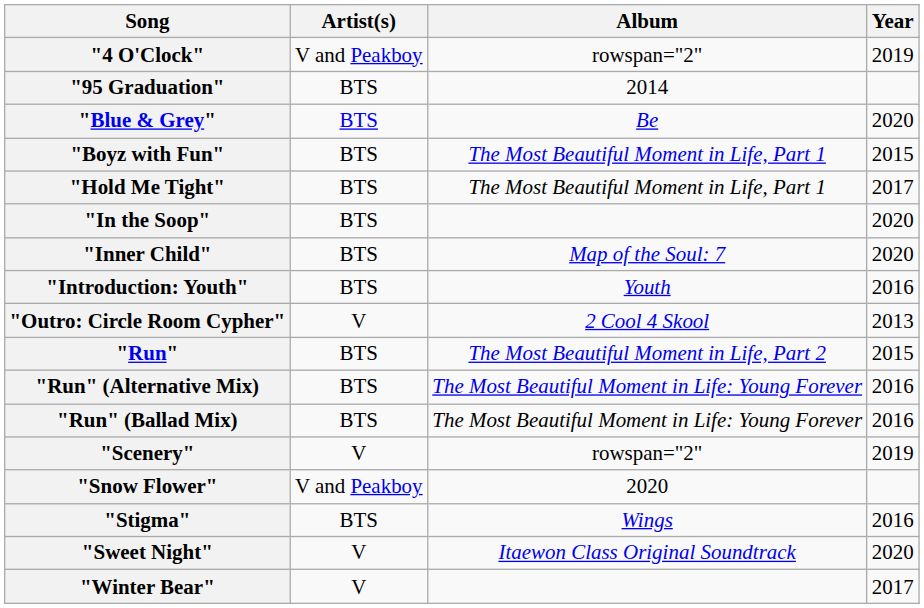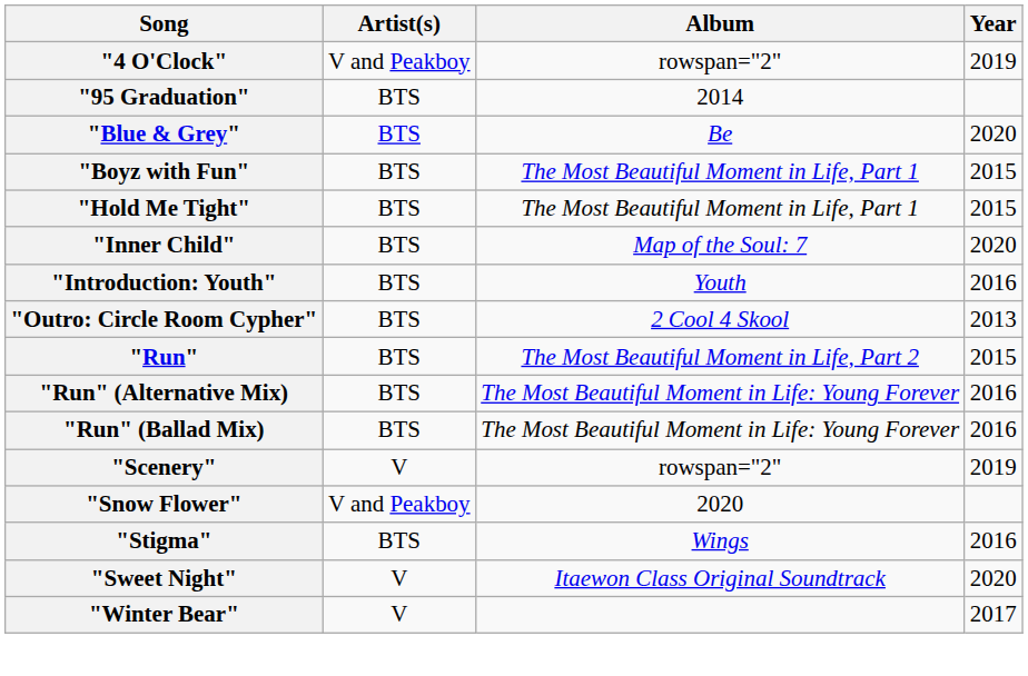 <table class="wikitable sortable plainrowheaders" style="text-align:center;">
 <tr>
 <th scope="col">Song</th>
 <th scope="col">Artist(s)</th>
 <th scope="col">Album</th>
 <th scope="col">Year</th>
 </tr>
 <tr>
 <th scope="row">"4 O'Clock"</th>
 <td>V and <a href='#'>Peakboy</a></td>
 <td>rowspan="2" </td>
 <td>2019</td>
 </tr>
 <tr>
 <th scope="row">"95 Graduation"</th>
 <td>BTS</td>
 <td>2014</td>
 </tr>
 <tr>
 <th scope="row">"<a href='#'>Blue & Grey</a>"</th>
 <td><a href='#'>BTS</a></td>
 <td><em><a href='#'>Be</a></em></td>
 <td>2020</td>
 </tr>
 <tr>
 <th scope="row">"Boyz with Fun"</th>
 <td>BTS</td>
 <td><em><a href='#'>The Most Beautiful Moment in Life, Part 1</a></em></td>
 <td>2015</td>
 </tr>
 <tr>
 <th scope="row">"Hold Me Tight"</th>
 <td>BTS</td>
 <td><em>The Most Beautiful Moment in Life, Part 1</em></td>
-<td>2017</td>
-</tr>
-<tr>
-<th scope="row">"In the Soop"</th>
-<td>BTS</td>
-<td></td>
-<td>2020</td>
+<td>2015</td>
 </tr>
 <tr>
 <th scope="row">"Inner Child"</th>
 <td>BTS</td>
 <td><em><a href='#'>Map of the Soul: 7</a></em></td>
 <td>2020</td>
 </tr>
 <tr>
 <th scope="row">"Introduction: Youth"</th>
 <td>BTS</td>
 <td><em><a href='#'>Youth</a></em></td>
 <td>2016</td>
 </tr>
 <tr>
 <th scope="row">"Outro: Circle Room Cypher"</th>
-<td>V</td>
+<td>BTS</td>
 <td><em><a href='#'>2 Cool 4 Skool</a></em></td>
 <td>2013</td>
 </tr>
 <tr>
 <th scope="row">"<a href='#'>Run</a>"</th>
 <td>BTS</td>
 <td><em><a href='#'>The Most Beautiful Moment in Life, Part 2</a></em></td>
 <td>2015</td>
 </tr>
 <tr>
 <th scope="row">"Run" (Alternative Mix)</th>
 <td>BTS</td>
 <td><em><a href='#'>The Most Beautiful Moment in Life: Young Forever</a></em></td>
 <td>2016</td>
 </tr>
 <tr>
 <th scope="row">"Run" (Ballad Mix)</th>
 <td>BTS</td>
 <td><em>The Most Beautiful Moment in Life: Young Forever</em></td>
 <td>2016</td>
 </tr>
 <tr>
 <th scope="row">"Scenery"</th>
 <td>V</td>
 <td>rowspan="2" </td>
 <td>2019</td>
 </tr>
 <tr>
 <th scope="row">"Snow Flower"</th>
 <td>V and <a href='#'>Peakboy</a></td>
 <td>2020</td>
 </tr>
 <tr>
 <th scope="row">"Stigma"</th>
 <td>BTS</td>
 <td><em><a href='#'>Wings</a></em></td>
 <td>2016</td>
 </tr>
 <tr>
 <th scope="row">"Sweet Night"</th>
 <td>V</td>
 <td><em><a href='#'>Itaewon Class Original Soundtrack</a></em></td>
 <td>2020</td>
 </tr>
 <tr>
 <th scope="row">"Winter Bear"</th>
 <td>V</td>
 <td></td>
 <td>2017</td>
 </tr>
 </table>
